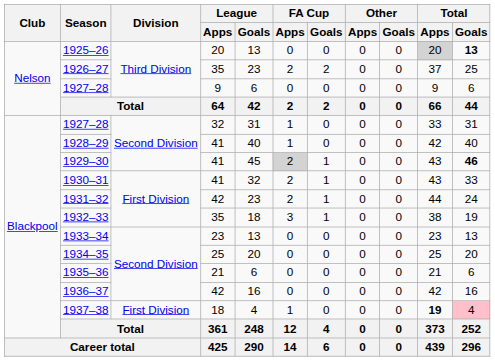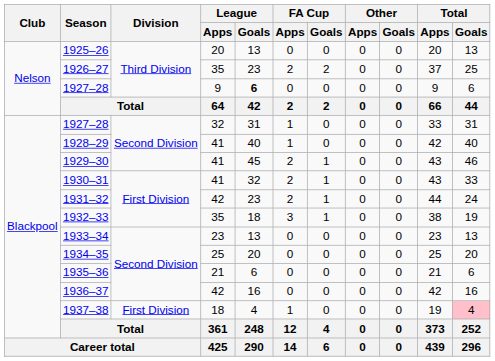 <table class="wikitable" style="text-align:center;">
 <tr>
 <th rowspan="2">Club</th>
 <th rowspan="2">Season</th>
 <th rowspan="2">Division</th>
 <th colspan="2">League</th>
 <th colspan="2">FA Cup</th>
 <th colspan="2">Other</th>
 <th colspan="2">Total</th>
 </tr>
 <tr>
 <th>Apps</th>
 <th>Goals</th>
 <th>Apps</th>
 <th>Goals</th>
 <th>Apps</th>
 <th>Goals</th>
 <th>Apps</th>
 <th>Goals</th>
 </tr>
 <tr>
 <td rowspan="4"><a href='#'>Nelson</a></td>
 <td><a href='#'>1925–26</a></td>
 <td rowspan="3"><a href='#'>Third Division</a></td>
 <td>20</td>
 <td>13</td>
 <td>0</td>
 <td>0</td>
 <td>0</td>
 <td>0</td>
-<td style="background: lightgrey;">20</td>
-<td><strong>13</strong></td>
+<td>20</td>
+<td>13</td>
 </tr>
 <tr>
 <td><a href='#'>1926–27</a></td>
 <td>35</td>
 <td>23</td>
 <td>2</td>
 <td>2</td>
 <td>0</td>
 <td>0</td>
 <td>37</td>
 <td>25</td>
 </tr>
 <tr>
 <td><a href='#'>1927–28</a></td>
 <td>9</td>
-<td>6</td>
+<td><strong>6</strong></td>
 <td>0</td>
 <td>0</td>
 <td>0</td>
 <td>0</td>
 <td>9</td>
 <td>6</td>
 </tr>
 <tr>
 <th colspan="2">Total</th>
 <th>64</th>
 <th>42</th>
 <th>2</th>
 <th>2</th>
 <th>0</th>
 <th>0</th>
 <th>66</th>
 <th>44</th>
 </tr>
 <tr>
 <td rowspan="12"><a href='#'>Blackpool</a></td>
 <td><a href='#'>1927–28</a></td>
 <td rowspan="3"><a href='#'>Second Division</a></td>
 <td>32</td>
 <td>31</td>
 <td>1</td>
 <td>0</td>
 <td>0</td>
 <td>0</td>
 <td>33</td>
 <td>31</td>
 </tr>
 <tr>
 <td><a href='#'>1928–29</a></td>
 <td>41</td>
 <td>40</td>
 <td>1</td>
 <td>0</td>
 <td>0</td>
 <td>0</td>
 <td>42</td>
 <td>40</td>
 </tr>
 <tr>
 <td><a href='#'>1929–30</a></td>
 <td>41</td>
 <td>45</td>
-<td style="background: lightgrey;">2</td>
+<td>2</td>
 <td>1</td>
 <td>0</td>
 <td>0</td>
 <td>43</td>
-<td><strong>46</strong></td>
+<td>46</td>
 </tr>
 <tr>
 <td><a href='#'>1930–31</a></td>
 <td rowspan="3"><a href='#'>First Division</a></td>
 <td>41</td>
 <td>32</td>
 <td>2</td>
 <td>1</td>
 <td>0</td>
 <td>0</td>
 <td>43</td>
 <td>33</td>
 </tr>
 <tr>
 <td><a href='#'>1931–32</a></td>
 <td>42</td>
 <td>23</td>
 <td>2</td>
 <td>1</td>
 <td>0</td>
 <td>0</td>
 <td>44</td>
 <td>24</td>
 </tr>
 <tr>
 <td><a href='#'>1932–33</a></td>
 <td>35</td>
 <td>18</td>
 <td>3</td>
 <td>1</td>
 <td>0</td>
 <td>0</td>
 <td>38</td>
 <td>19</td>
 </tr>
 <tr>
 <td><a href='#'>1933–34</a></td>
 <td rowspan="4"><a href='#'>Second Division</a></td>
 <td>23</td>
 <td>13</td>
 <td>0</td>
 <td>0</td>
 <td>0</td>
 <td>0</td>
 <td>23</td>
 <td>13</td>
 </tr>
 <tr>
 <td><a href='#'>1934–35</a></td>
 <td>25</td>
 <td>20</td>
 <td>0</td>
 <td>0</td>
 <td>0</td>
 <td>0</td>
 <td>25</td>
 <td>20</td>
 </tr>
 <tr>
 <td><a href='#'>1935–36</a></td>
 <td>21</td>
 <td>6</td>
 <td>0</td>
 <td>0</td>
 <td>0</td>
 <td>0</td>
 <td>21</td>
 <td>6</td>
 </tr>
 <tr>
 <td><a href='#'>1936–37</a></td>
 <td>42</td>
 <td>16</td>
 <td>0</td>
 <td>0</td>
 <td>0</td>
 <td>0</td>
 <td>42</td>
 <td>16</td>
 </tr>
 <tr>
 <td><a href='#'>1937–38</a></td>
 <td><a href='#'>First Division</a></td>
 <td>18</td>
 <td>4</td>
 <td>1</td>
 <td>0</td>
 <td>0</td>
 <td>0</td>
-<td><strong>19</strong></td>
+<td>19</td>
 <td style="background: pink;">4</td>
 </tr>
 <tr>
 <th colspan="2">Total</th>
 <th>361</th>
 <th>248</th>
 <th>12</th>
 <th>4</th>
 <th>0</th>
 <th>0</th>
 <th>373</th>
 <th>252</th>
 </tr>
 <tr>
 <th colspan="3">Career total</th>
 <th>425</th>
 <th>290</th>
 <th>14</th>
 <th>6</th>
 <th>0</th>
 <th>0</th>
 <th>439</th>
 <th>296</th>
 </tr>
 </table>
